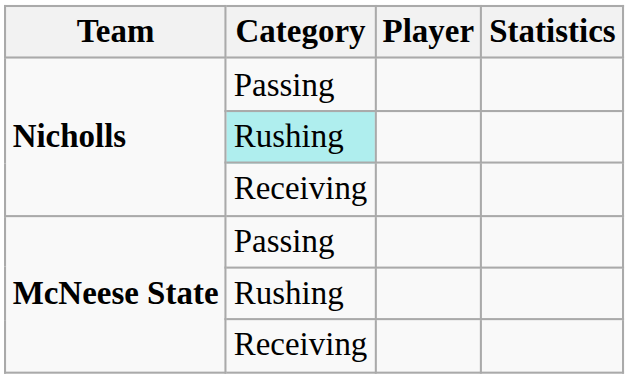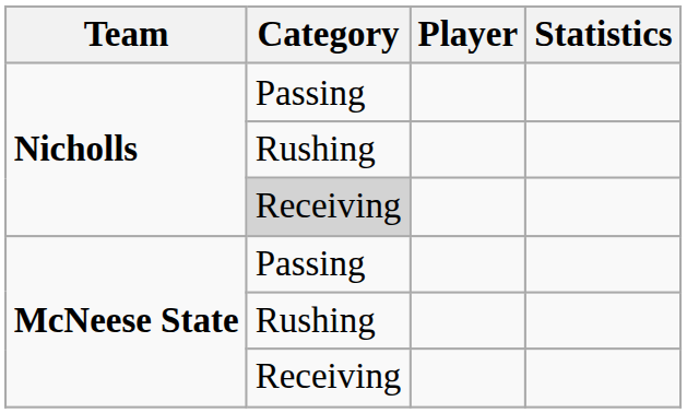 <table class="wikitable" style="float: left;">
 <tr>
 <th>Team</th>
 <th>Category</th>
 <th>Player</th>
 <th>Statistics</th>
 </tr>
 <tr>
 <td rowspan=3><strong>Nicholls</strong></td>
 <td>Passing</td>
 <td> </td>
 <td> </td>
 </tr>
 <tr>
-<td style="background: paleturquoise;">Rushing</td>
+<td>Rushing</td>
 <td> </td>
 <td> </td>
 </tr>
 <tr>
-<td>Receiving</td>
+<td style="background: lightgrey;">Receiving</td>
 <td> </td>
 <td> </td>
 </tr>
 <tr>
 <td rowspan=3><strong>McNeese State</strong></td>
 <td>Passing</td>
 <td> </td>
 <td> </td>
 </tr>
 <tr>
 <td>Rushing</td>
 <td> </td>
 <td> </td>
 </tr>
 <tr>
 <td>Receiving</td>
 <td> </td>
 <td> </td>
 </tr>
 </table>
